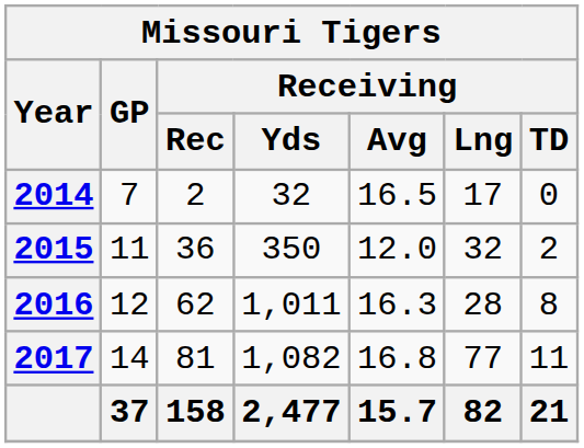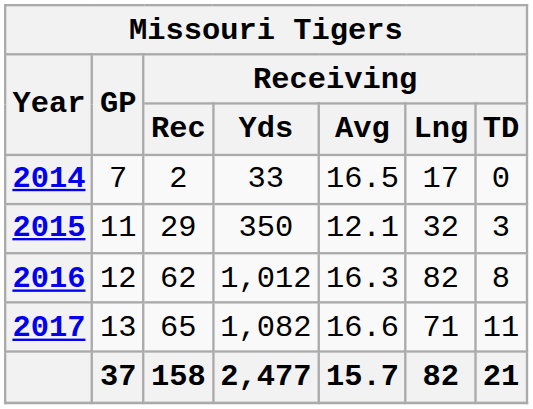 <table class="wikitable" style="text-align: center;">
 <tr>
 <th colspan="9"><strong>Missouri Tigers</strong></th>
 </tr>
 <tr>
 <th rowspan="2">Year</th>
 <th rowspan="2">GP</th>
 <th colspan="5">Receiving</th>
 </tr>
 <tr>
 <th>Rec</th>
 <th>Yds</th>
 <th>Avg</th>
 <th>Lng</th>
 <th>TD</th>
 </tr>
 <tr>
 <th><a href='#'>2014</a></th>
 <td>7</td>
 <td>2</td>
-<td>32</td>
+<td>33</td>
 <td>16.5</td>
 <td>17</td>
 <td>0</td>
 </tr>
 <tr>
 <th><a href='#'>2015</a></th>
 <td>11</td>
-<td>36</td>
+<td>29</td>
 <td>350</td>
-<td>12.0</td>
+<td>12.1</td>
 <td>32</td>
-<td>2</td>
+<td>3</td>
 </tr>
 <tr>
 <th><a href='#'>2016</a></th>
 <td>12</td>
 <td>62</td>
-<td>1,011</td>
+<td>1,012</td>
 <td>16.3</td>
-<td>28</td>
+<td>82</td>
 <td>8</td>
 </tr>
 <tr>
 <th><a href='#'>2017</a></th>
-<td>14</td>
-<td>81</td>
+<td>13</td>
+<td>65</td>
 <td>1,082</td>
-<td>16.8</td>
-<td>77</td>
+<td>16.6</td>
+<td>71</td>
 <td>11</td>
 </tr>
 <tr>
 <th></th>
 <th>37</th>
 <th>158</th>
 <th>2,477</th>
 <th>15.7</th>
 <th>82</th>
 <th>21</th>
 </tr>
 <tr>
 </tr>
 </table>
